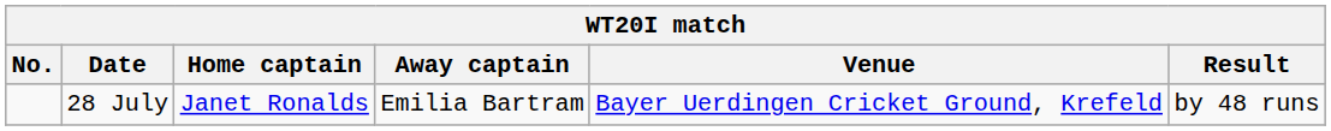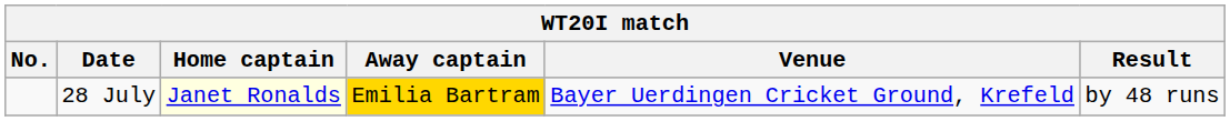 <table class="wikitable">
 <tr>
 <th colspan="6">WT20I match</th>
 </tr>
 <tr>
 <th>No.</th>
 <th>Date</th>
 <th>Home captain</th>
 <th>Away captain</th>
 <th>Venue</th>
 <th>Result</th>
 </tr>
 <tr>
 <td></td>
 <td>28 July</td>
-<td><a href='#'>Janet Ronalds</a></td>
-<td>Emilia Bartram</td>
+<td style="background: lightyellow;"><a href='#'>Janet Ronalds</a></td>
+<td style="background: gold;">Emilia Bartram</td>
 <td><a href='#'>Bayer Uerdingen Cricket Ground</a>, <a href='#'>Krefeld</a></td>
 <td> by 48 runs</td>
 </tr>
 </table>
